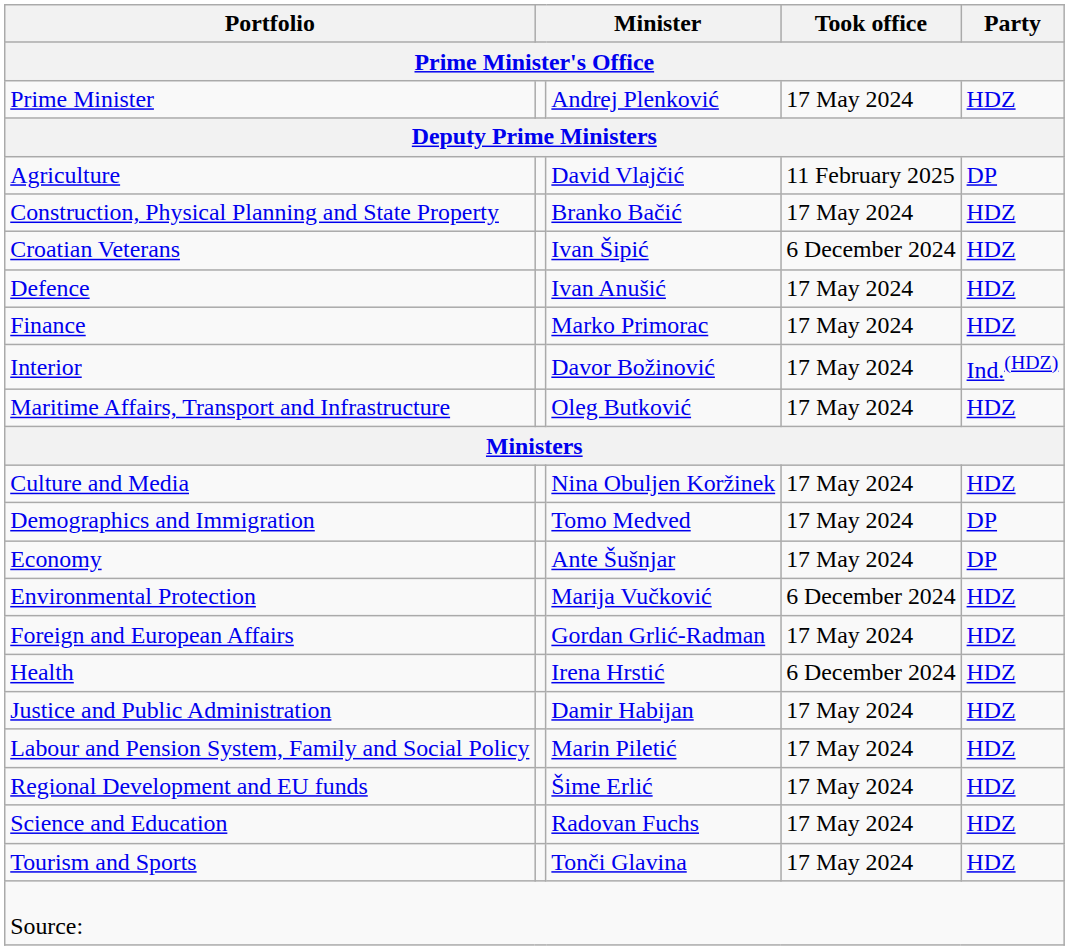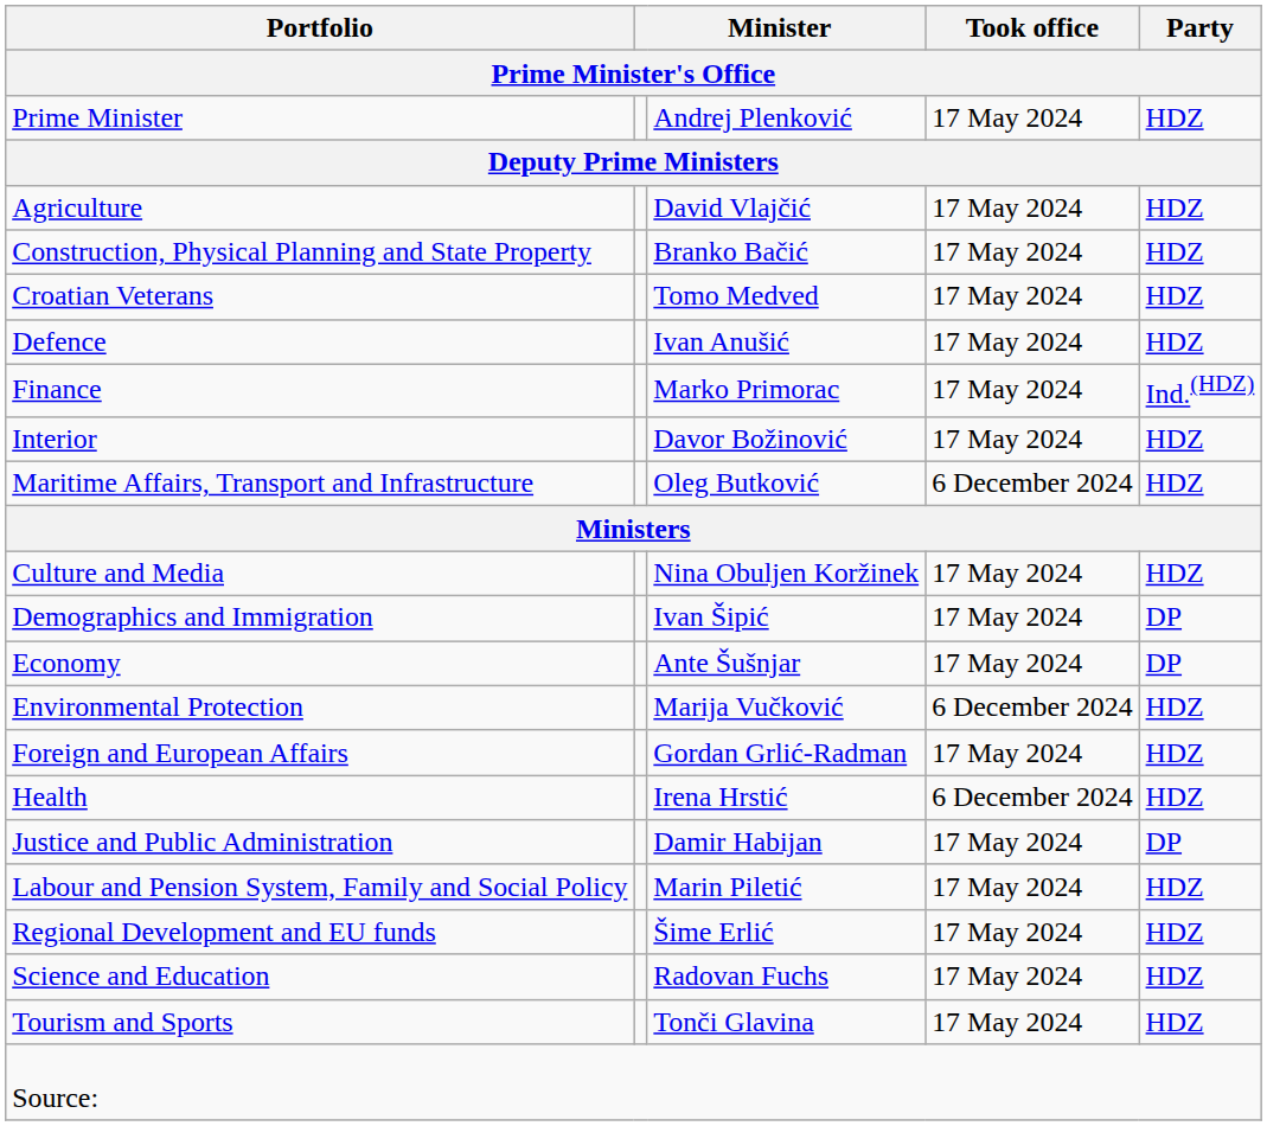 <table class="wikitable">
 <tr>
 <th style="text-align: center;">Portfolio</th>
 <th colspan="2" style="text-align: center;">Minister</th>
 <th style="text-align: center;">Took office</th>
 <th style="text-align: center;">Party</th>
 </tr>
 <tr>
 <th colspan="5" style="text-align: center;"><a href='#'>Prime Minister's Office</a></th>
 </tr>
 <tr>
 <td><a href='#'>Prime Minister</a></td>
 <td style="background:"></td>
 <td><a href='#'>Andrej Plenković</a></td>
 <td>17 May 2024</td>
 <td><a href='#'>HDZ</a></td>
 </tr>
 <tr>
 <th colspan="5" style="text-align: center;"><a href='#'>Deputy Prime Ministers</a></th>
 </tr>
 <tr>
 <td><a href='#'>Agriculture</a></td>
 <td style="background:"></td>
 <td><a href='#'>David Vlajčić</a></td>
-<td>11 February 2025</td>
-<td><a href='#'>DP</a></td>
+<td>17 May 2024</td>
+<td><a href='#'>HDZ</a></td>
 </tr>
 <tr>
 <td><a href='#'>Construction, Physical Planning and State Property</a></td>
 <td style="background:"></td>
 <td><a href='#'>Branko Bačić</a></td>
 <td>17 May 2024</td>
 <td><a href='#'>HDZ</a></td>
 </tr>
 <tr>
 <td><a href='#'>Croatian Veterans</a></td>
 <td style="background:"></td>
-<td><a href='#'>Ivan Šipić</a></td>
-<td>6 December 2024</td>
+<td><a href='#'>Tomo Medved</a></td>
+<td>17 May 2024</td>
 <td><a href='#'>HDZ</a></td>
 </tr>
 <tr>
 <td><a href='#'>Defence</a></td>
 <td style="background:"></td>
 <td><a href='#'>Ivan Anušić</a></td>
 <td>17 May 2024</td>
 <td><a href='#'>HDZ</a></td>
 </tr>
 <tr>
 <td><a href='#'>Finance</a></td>
 <td style="background:"></td>
 <td><a href='#'>Marko Primorac</a></td>
 <td>17 May 2024</td>
-<td><a href='#'>HDZ</a></td>
+<td><a href='#'>Ind.</a><sup><a href='#'>(HDZ)</a> </sup></td>
 </tr>
 <tr>
 <td><a href='#'>Interior</a></td>
 <td style="background:"></td>
 <td><a href='#'>Davor Božinović</a></td>
 <td>17 May 2024</td>
-<td><a href='#'>Ind.</a><sup><a href='#'>(HDZ)</a> </sup></td>
+<td><a href='#'>HDZ</a></td>
 </tr>
 <tr>
 <td><a href='#'>Maritime Affairs, Transport and Infrastructure</a></td>
 <td style="background:"></td>
 <td><a href='#'>Oleg Butković</a></td>
-<td>17 May 2024</td>
+<td>6 December 2024</td>
 <td><a href='#'>HDZ</a></td>
 </tr>
 <tr>
 <th colspan="6" style="text-align: center;"><a href='#'>Ministers</a></th>
 </tr>
 <tr>
 <td><a href='#'>Culture and Media</a></td>
 <td style="background:"></td>
 <td><a href='#'>Nina Obuljen Koržinek</a></td>
 <td>17 May 2024</td>
 <td><a href='#'>HDZ</a></td>
 </tr>
 <tr>
 <td><a href='#'>Demographics and Immigration</a></td>
 <td style="background:"></td>
-<td><a href='#'>Tomo Medved</a></td>
+<td><a href='#'>Ivan Šipić</a></td>
 <td>17 May 2024</td>
 <td><a href='#'>DP</a></td>
 </tr>
 <tr>
 <td><a href='#'>Economy</a></td>
 <td style="background:"></td>
 <td><a href='#'>Ante Šušnjar</a></td>
 <td>17 May 2024</td>
 <td><a href='#'>DP</a></td>
 </tr>
 <tr>
 <td><a href='#'>Environmental Protection</a></td>
 <td style="background:"></td>
 <td><a href='#'>Marija Vučković</a></td>
 <td>6 December 2024</td>
 <td><a href='#'>HDZ</a></td>
 </tr>
 <tr>
 <td><a href='#'>Foreign and European Affairs</a></td>
 <td style="background:"></td>
 <td><a href='#'>Gordan Grlić-Radman</a></td>
 <td>17 May 2024</td>
 <td><a href='#'>HDZ</a></td>
 </tr>
 <tr>
 <td><a href='#'>Health</a></td>
 <td style="background:"></td>
 <td><a href='#'>Irena Hrstić</a></td>
 <td>6 December 2024</td>
 <td><a href='#'>HDZ</a></td>
 </tr>
 <tr>
 <td><a href='#'>Justice and Public Administration</a></td>
 <td style="background:"></td>
 <td><a href='#'>Damir Habijan</a></td>
 <td>17 May 2024</td>
-<td><a href='#'>HDZ</a></td>
+<td><a href='#'>DP</a></td>
 </tr>
 <tr>
 <td><a href='#'>Labour and Pension System, Family and Social Policy</a></td>
 <td style="background:"></td>
 <td><a href='#'>Marin Piletić</a></td>
 <td>17 May 2024</td>
 <td><a href='#'>HDZ</a></td>
 </tr>
 <tr>
 <td><a href='#'>Regional Development and EU funds</a></td>
 <td style="background:"></td>
 <td><a href='#'>Šime Erlić</a></td>
 <td>17 May 2024</td>
 <td><a href='#'>HDZ</a></td>
 </tr>
 <tr>
 <td><a href='#'>Science and Education</a></td>
 <td style="background:"></td>
 <td><a href='#'>Radovan Fuchs</a></td>
 <td>17 May 2024</td>
 <td><a href='#'>HDZ</a></td>
 </tr>
 <tr>
 <td><a href='#'>Tourism and Sports</a></td>
 <td style="background:"></td>
 <td><a href='#'>Tonči Glavina</a></td>
 <td>17 May 2024</td>
 <td><a href='#'>HDZ</a></td>
 </tr>
 <tr>
 <td colspan="11" align="left"><br>Source:</td>
 </tr>
 </table>
